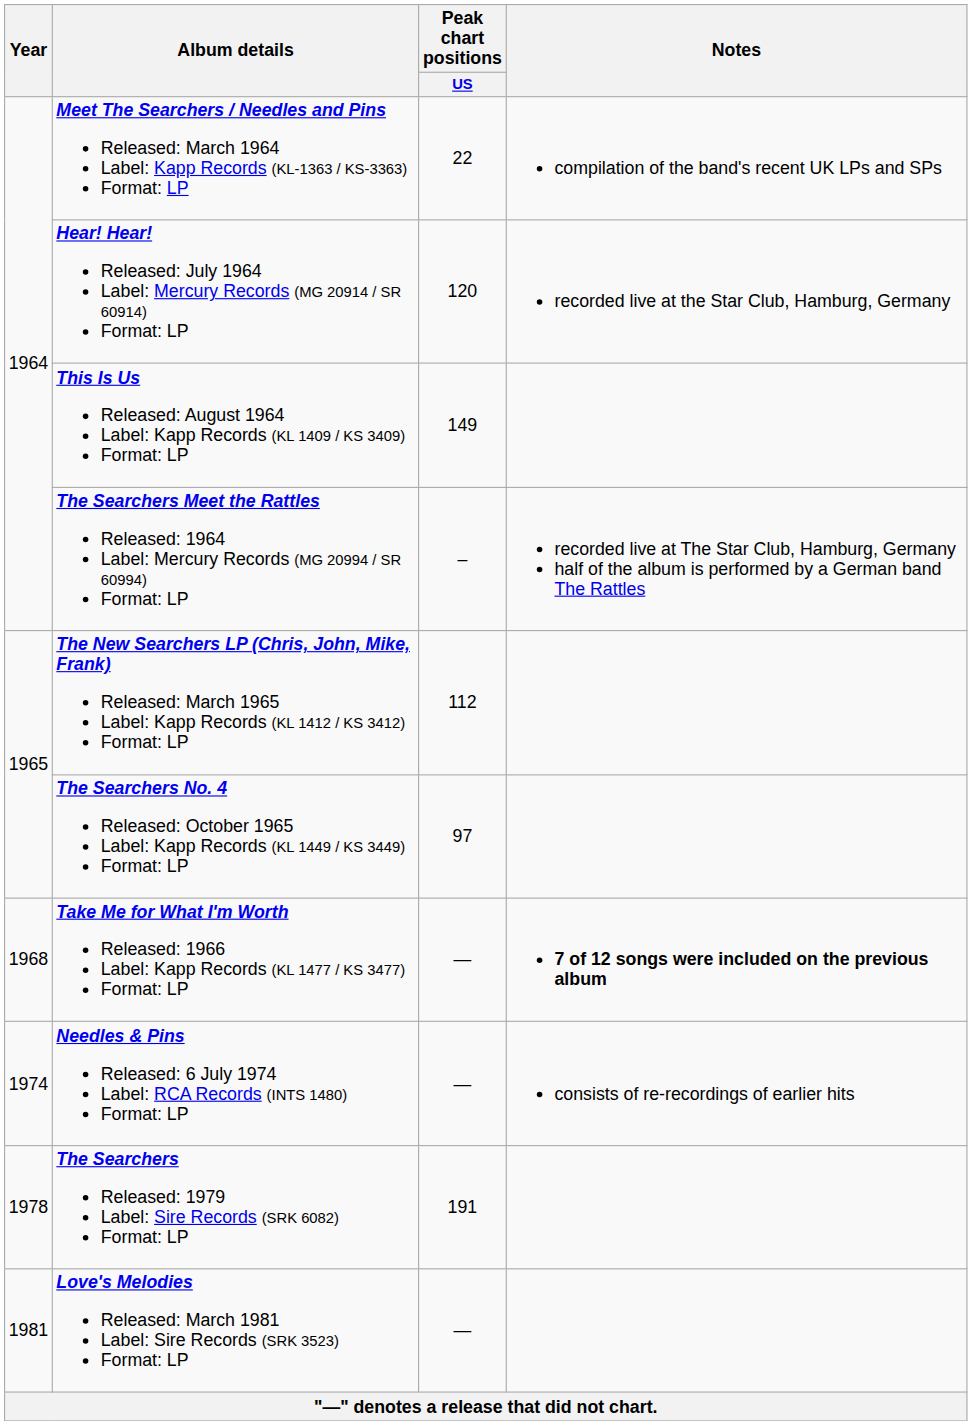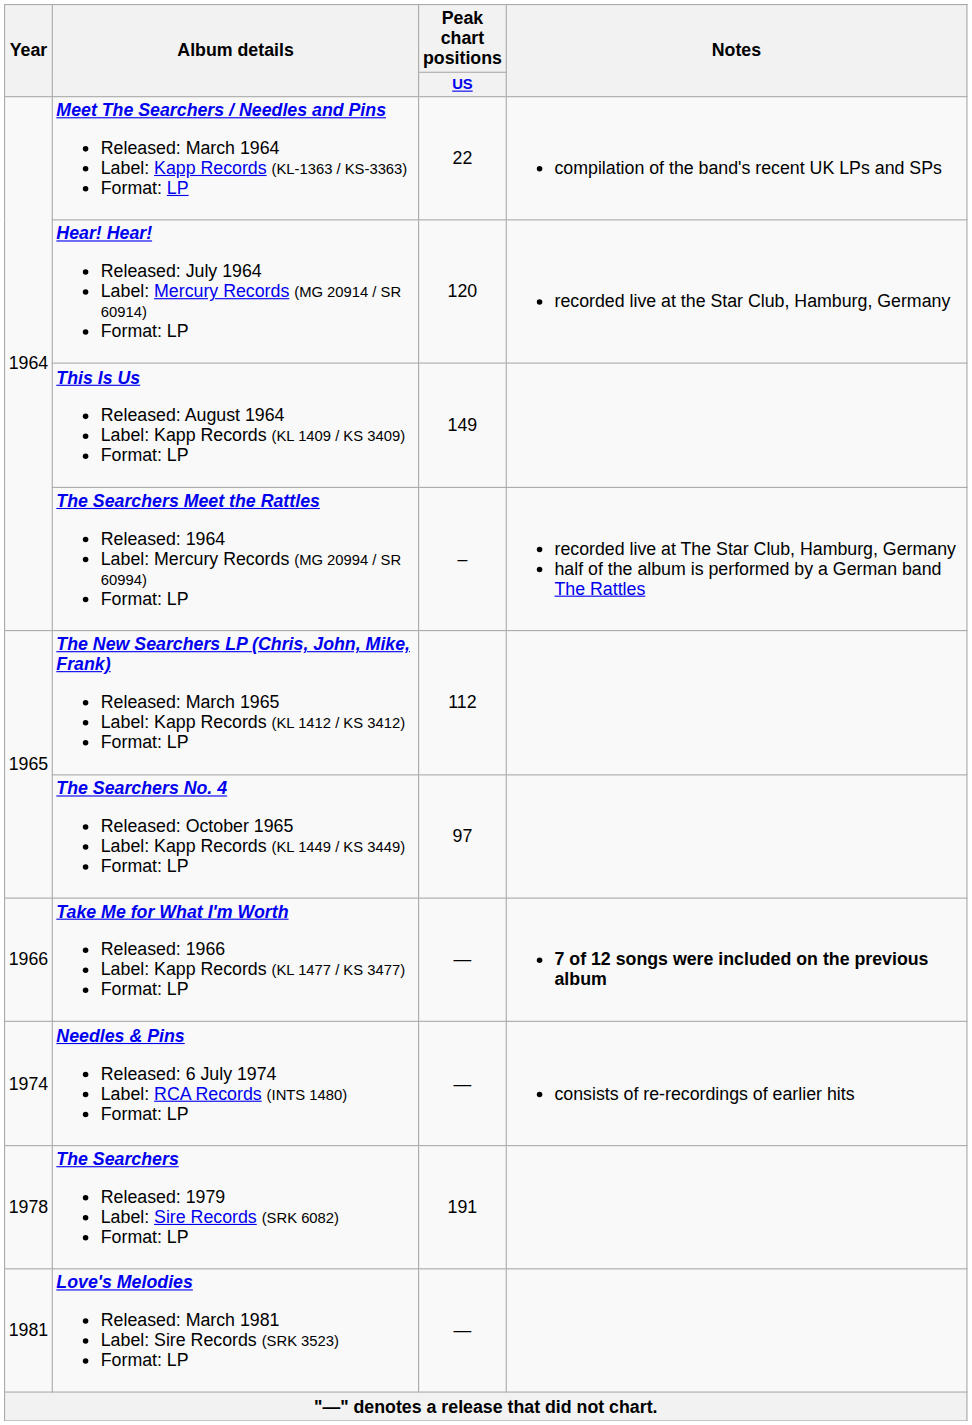 <table class="wikitable">
 <tr>
 <th rowspan=2>Year</th>
 <th rowspan=2>Album details</th>
 <th>Peak chart positions</th>
 <th rowspan=2>Notes</th>
 </tr>
 <tr style="font-size:smaller;">
 <th width="30"><a href='#'>US</a><br></th>
 </tr>
 <tr>
 <td rowspan="4">1964</td>
 <td><strong><em><a href='#'>Meet The Searchers / Needles and Pins</a></em></strong><br><ul><li>Released: March 1964</li><li>Label: <a href='#'>Kapp Records</a> <small>(KL-1363 / KS-3363)</small></li><li>Format: <a href='#'>LP</a></li></ul></td>
 <td align="center">22</td>
 <td><br><ul><li>compilation of the band's recent UK LPs and SPs</li></ul></td>
 </tr>
 <tr>
 <td><strong><em><a href='#'>Hear! Hear!</a> </em></strong><br><ul><li>Released: July 1964</li><li>Label: <a href='#'>Mercury Records</a> <small>(MG 20914 / SR 60914)</small></li><li>Format: LP</li></ul></td>
 <td align="center">120</td>
 <td><br><ul><li>recorded live at the Star Club, Hamburg, Germany</li></ul></td>
 </tr>
 <tr>
 <td><strong><em><a href='#'>This Is Us</a></em></strong><br><ul><li>Released: August 1964</li><li>Label: Kapp Records <small>(KL 1409 / KS 3409)</small></li><li>Format: LP</li></ul></td>
 <td align="center">149</td>
 <td></td>
 </tr>
 <tr>
 <td><strong><em><a href='#'>The Searchers Meet the Rattles</a></em></strong><br><ul><li>Released: 1964</li><li>Label: Mercury Records <small>(MG 20994 / SR 60994)</small></li><li>Format: LP</li></ul></td>
 <td align="center">–</td>
 <td><br><ul><li>recorded live at The Star Club, Hamburg, Germany</li><li>half of the album is performed by a German band <a href='#'>The Rattles</a></li></ul></td>
 </tr>
 <tr>
 <td rowspan="2">1965</td>
 <td><strong><em><a href='#'>The New Searchers LP (Chris, John, Mike, Frank)</a></em></strong><br><ul><li>Released: March 1965</li><li>Label: Kapp Records <small>(KL 1412 / KS 3412)</small></li><li>Format: LP</li></ul></td>
 <td align="center">112</td>
 <td></td>
 </tr>
 <tr>
 <td><strong><em><a href='#'>The Searchers No. 4</a></em></strong><br><ul><li>Released: October 1965</li><li>Label: Kapp Records <small>(KL 1449 / KS 3449)</small></li><li>Format: LP</li></ul></td>
 <td align="center">97</td>
 <td></td>
 </tr>
 <tr>
-<td>1968</td>
+<td>1966</td>
 <td><strong><em><a href='#'>Take Me for What I'm Worth</a></em></strong><br><ul><li>Released: 1966</li><li>Label: Kapp Records <small>(KL 1477 / KS 3477)</small></li><li>Format: LP</li></ul></td>
 <td align="center">—</td>
 <td><strong><br><ul><li>7 of 12 songs were included on the previous album</li></ul></strong></td>
 </tr>
 <tr>
 <td>1974</td>
 <td><strong><em><a href='#'>Needles & Pins</a></em></strong><br><ul><li>Released: 6 July 1974</li><li>Label: <a href='#'>RCA Records</a> <small>(INTS 1480)</small></li><li>Format: LP</li></ul></td>
 <td align="center">—</td>
 <td><br><ul><li>consists of re-recordings of earlier hits</li></ul></td>
 </tr>
 <tr>
 <td>1978</td>
 <td><strong><em><a href='#'>The Searchers</a></em></strong><br><ul><li>Released: 1979</li><li>Label: <a href='#'>Sire Records</a> <small>(SRK 6082)</small></li><li>Format: LP</li></ul></td>
 <td align="center">191</td>
 <td></td>
 </tr>
 <tr>
 <td>1981</td>
 <td><strong><em><a href='#'>Love's Melodies</a></em></strong><br><ul><li>Released: March 1981</li><li>Label: Sire Records <small>(SRK 3523)</small></li><li>Format: LP</li></ul></td>
 <td align="center">—</td>
 <td></td>
 </tr>
 <tr>
 <th colspan="4">"—" denotes a release that did not chart.</th>
 </tr>
 </table>
